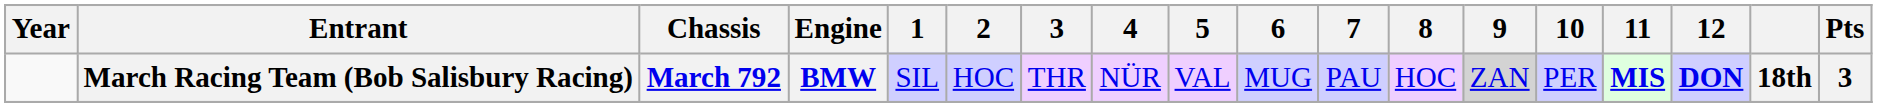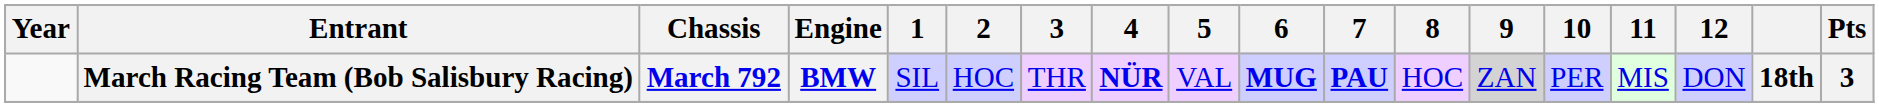 <table class="wikitable" style="text-align:center; font-size:90%">
 <tr>
 <th>Year</th>
 <th>Entrant</th>
 <th>Chassis</th>
 <th>Engine</th>
 <th>1</th>
 <th>2</th>
 <th>3</th>
 <th>4</th>
 <th>5</th>
 <th>6</th>
 <th>7</th>
 <th>8</th>
 <th>9</th>
 <th>10</th>
 <th>11</th>
 <th>12</th>
 <th></th>
 <th>Pts</th>
 </tr>
 <tr>
 <td></td>
 <th>March Racing Team (Bob Salisbury Racing)</th>
 <th><a href='#'>March 792</a></th>
 <th><a href='#'>BMW</a></th>
 <td style="background:#CFCFFF;"><a href='#'>SIL</a><br></td>
 <td style="background:#CFCFFF;"><a href='#'>HOC</a><br></td>
 <td style="background:#EFCFFF;"><a href='#'>THR</a><br></td>
-<td style="background:#EFCFFF;"><a href='#'>NÜR</a><br></td>
+<td style="background:#EFCFFF;"><strong><a href='#'>NÜR</a><br></strong></td>
 <td style="background:#EFCFFF;"><a href='#'>VAL</a><br></td>
-<td style="background:#CFCFFF;"><a href='#'>MUG</a><br></td>
-<td style="background:#CFCFFF;"><a href='#'>PAU</a><br></td>
+<td style="background:#CFCFFF;"><strong><a href='#'>MUG</a><br></strong></td>
+<td style="background:#CFCFFF;"><strong><a href='#'>PAU</a><br></strong></td>
 <td style="background:#EFCFFF;"><a href='#'>HOC</a><br></td>
 <td style="background: lightgrey;"><a href='#'>ZAN</a><br></td>
 <td style="background:#CFCFFF;"><a href='#'>PER</a><br></td>
-<td style="background:#DFFFDF;"><strong><a href='#'>MIS</a><br></strong></td>
-<td style="background:#CFCFFF;"><strong><a href='#'>DON</a><br></strong></td>
+<td style="background:#DFFFDF;"><a href='#'>MIS</a><br></td>
+<td style="background:#CFCFFF;"><a href='#'>DON</a><br></td>
 <th>18th</th>
 <th>3</th>
 </tr>
 <tr>
 </tr>
 </table>
